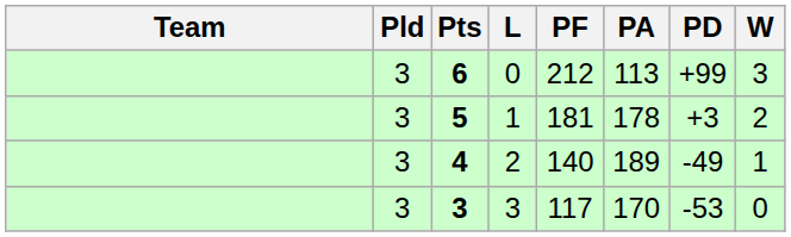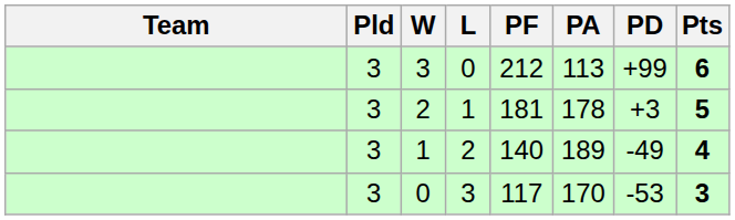 <table class="wikitable" style="text-align:center;">
 <tr>
 <th width=200>Team</th>
 <th width=20>Pld</th>
-<th width=20>Pts</th>
+<th width=20>W</th>
 <th width=20>L</th>
 <th width=30>PF</th>
 <th width=30>PA</th>
 <th width=30>PD</th>
-<th width=20>W</th>
+<th width=20>Pts</th>
 </tr>
 <tr style="background:#cfc;">
 <td align=left></td>
 <td>3</td>
-<td><strong>6</strong></td>
+<td>3</td>
 <td>0</td>
 <td>212</td>
 <td>113</td>
 <td>+99</td>
-<td>3</td>
+<td><strong>6</strong></td>
 </tr>
 <tr style="background:#cfc;">
 <td align=left></td>
 <td>3</td>
-<td><strong>5</strong></td>
+<td>2</td>
 <td>1</td>
 <td>181</td>
 <td>178</td>
 <td>+3</td>
-<td>2</td>
+<td><strong>5</strong></td>
 </tr>
 <tr style="background:#cfc;">
 <td align=left></td>
 <td>3</td>
-<td><strong>4</strong></td>
+<td>1</td>
 <td>2</td>
 <td>140</td>
 <td>189</td>
 <td>-49</td>
-<td>1</td>
+<td><strong>4</strong></td>
 </tr>
 <tr style="background:#cfc;">
 <td align=left></td>
 <td>3</td>
-<td><strong>3</strong></td>
+<td>0</td>
 <td>3</td>
 <td>117</td>
 <td>170</td>
 <td>-53</td>
-<td>0</td>
+<td><strong>3</strong></td>
 </tr>
 </table>
